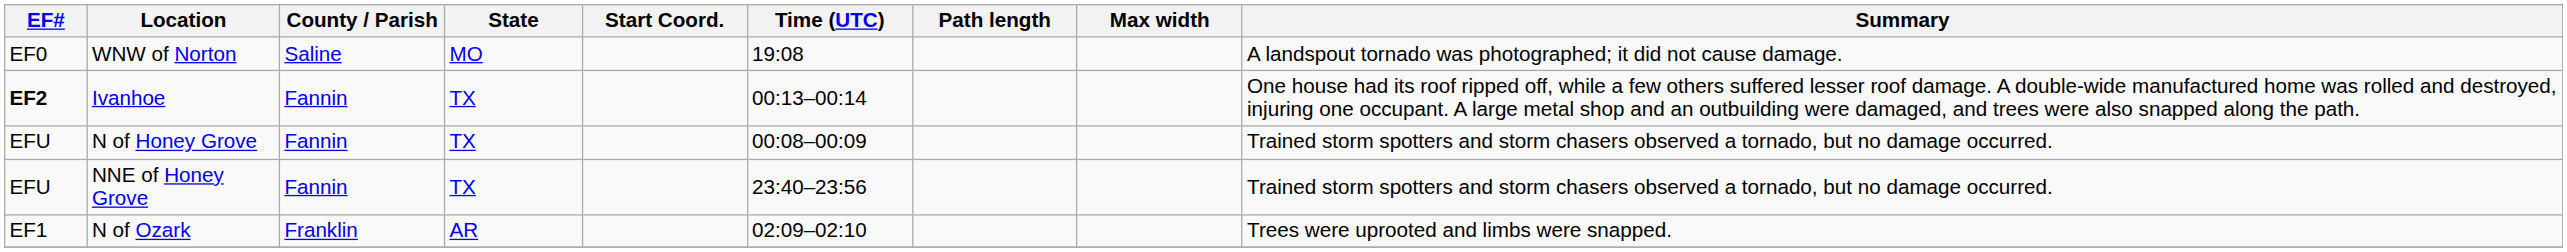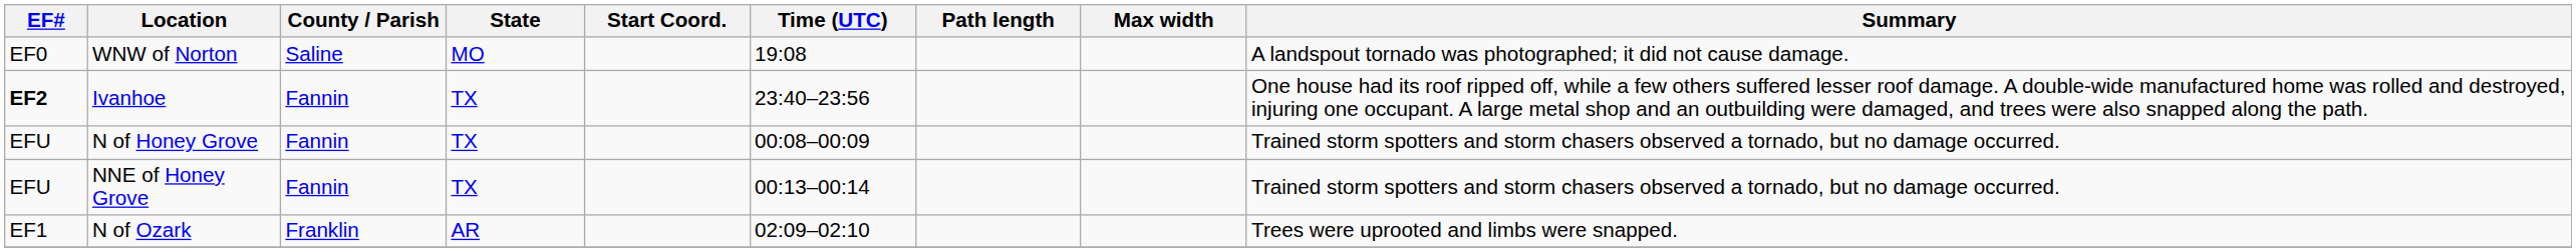 <table class="wikitable sortable" style="width:100%;">
 <tr>
 <th scope="col"  style="width:3%; text-align:center;"><a href='#'>EF#</a></th>
 <th scope="col"  style="width:7%; text-align:center;" class="unsortable">Location</th>
 <th scope="col"  style="width:6%; text-align:center;" class="unsortable">County / Parish</th>
 <th scope="col"  style="width:5%; text-align:center;">State</th>
 <th scope="col"  style="width:6%; text-align:center;">Start Coord.</th>
 <th scope="col"  style="width:6%; text-align:center;">Time (<a href='#'>UTC</a>)</th>
 <th scope="col"  style="width:6%; text-align:center;">Path length</th>
 <th scope="col"  style="width:6%; text-align:center;">Max width</th>
 <th scope="col" class="unsortable" style="width:48%; text-align:center;">Summary</th>
 </tr>
 <tr>
 <td>EF0</td>
 <td>WNW of <a href='#'>Norton</a></td>
 <td><a href='#'>Saline</a></td>
 <td><a href='#'>MO</a></td>
 <td></td>
 <td>19:08</td>
 <td></td>
 <td></td>
 <td>A landspout tornado was photographed; it did not cause damage.</td>
 </tr>
 <tr>
 <td><strong>EF2</strong></td>
 <td><a href='#'>Ivanhoe</a></td>
 <td><a href='#'>Fannin</a></td>
 <td><a href='#'>TX</a></td>
 <td></td>
-<td>00:13–00:14</td>
+<td>23:40–23:56</td>
 <td></td>
 <td></td>
 <td>One house had its roof ripped off, while a few others suffered lesser roof damage. A double-wide manufactured home was rolled and destroyed, injuring one occupant. A large metal shop and an outbuilding were damaged, and trees were also snapped along the path.</td>
 </tr>
 <tr>
 <td>EFU</td>
 <td>N of <a href='#'>Honey Grove</a></td>
 <td><a href='#'>Fannin</a></td>
 <td><a href='#'>TX</a></td>
 <td></td>
 <td>00:08–00:09</td>
 <td></td>
 <td></td>
 <td>Trained storm spotters and storm chasers observed a tornado, but no damage occurred.</td>
 </tr>
 <tr>
 <td>EFU</td>
 <td>NNE of <a href='#'>Honey Grove</a></td>
 <td><a href='#'>Fannin</a></td>
 <td><a href='#'>TX</a></td>
 <td></td>
-<td>23:40–23:56</td>
+<td>00:13–00:14</td>
 <td></td>
 <td></td>
 <td>Trained storm spotters and storm chasers observed a tornado, but no damage occurred.</td>
 </tr>
 <tr>
 <td>EF1</td>
 <td>N of <a href='#'>Ozark</a></td>
 <td><a href='#'>Franklin</a></td>
 <td><a href='#'>AR</a></td>
 <td></td>
 <td>02:09–02:10</td>
 <td></td>
 <td></td>
 <td>Trees were uprooted and limbs were snapped.</td>
 </tr>
 <tr>
 </tr>
 </table>
